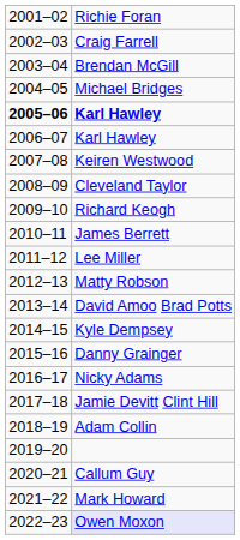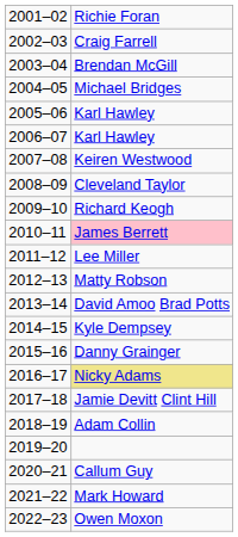 <table class="wikitable">
 <tr>
 <td>2001–02</td>
 <td> <a href='#'>Richie Foran</a></td>
 </tr>
 <tr>
 <td>2002–03</td>
 <td> <a href='#'>Craig Farrell</a></td>
 </tr>
 <tr>
 <td>2003–04</td>
 <td> <a href='#'>Brendan McGill</a></td>
 </tr>
 <tr>
 <td>2004–05</td>
 <td> <a href='#'>Michael Bridges</a></td>
 </tr>
 <tr>
-<td><strong>2005–06</strong></td>
-<td><strong> <a href='#'>Karl Hawley</a></strong></td>
+<td>2005–06</td>
+<td> <a href='#'>Karl Hawley</a></td>
 </tr>
 <tr>
 <td>2006–07</td>
 <td> <a href='#'>Karl Hawley</a></td>
 </tr>
 <tr>
 <td>2007–08</td>
 <td> <a href='#'>Keiren Westwood</a></td>
 </tr>
 <tr>
 <td>2008–09</td>
 <td> <a href='#'>Cleveland Taylor</a></td>
 </tr>
 <tr>
 <td>2009–10</td>
 <td> <a href='#'>Richard Keogh</a></td>
 </tr>
 <tr>
 <td>2010–11</td>
-<td> <a href='#'>James Berrett</a></td>
+<td style="background: pink;"> <a href='#'>James Berrett</a></td>
 </tr>
 <tr>
 <td>2011–12</td>
 <td> <a href='#'>Lee Miller</a></td>
 </tr>
 <tr>
 <td>2012–13</td>
 <td> <a href='#'>Matty Robson</a></td>
 </tr>
 <tr>
 <td>2013–14</td>
 <td> <a href='#'>David Amoo</a> <a href='#'>Brad Potts</a></td>
 </tr>
 <tr>
 <td>2014–15</td>
 <td> <a href='#'>Kyle Dempsey</a></td>
 </tr>
 <tr>
 <td>2015–16</td>
 <td> <a href='#'>Danny Grainger</a></td>
 </tr>
 <tr>
 <td>2016–17</td>
-<td> <a href='#'>Nicky Adams</a></td>
+<td style="background: khaki;"> <a href='#'>Nicky Adams</a></td>
 </tr>
 <tr>
 <td>2017–18</td>
 <td> <a href='#'>Jamie Devitt</a> <a href='#'>Clint Hill</a></td>
 </tr>
 <tr>
 <td>2018–19</td>
 <td> <a href='#'>Adam Collin</a></td>
 </tr>
 <tr>
 <td>2019–20</td>
 <td></td>
 </tr>
 <tr>
 <td>2020–21</td>
 <td> <a href='#'>Callum Guy</a></td>
 </tr>
 <tr>
 <td>2021–22</td>
 <td> <a href='#'>Mark Howard</a></td>
 </tr>
 <tr>
 <td>2022–23</td>
-<td style="background: lavender;"> <a href='#'>Owen Moxon</a></td>
+<td> <a href='#'>Owen Moxon</a></td>
 </tr>
 </table>
